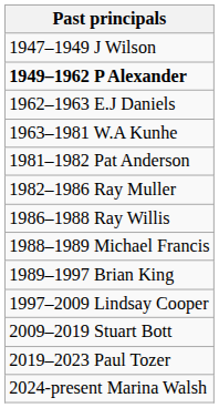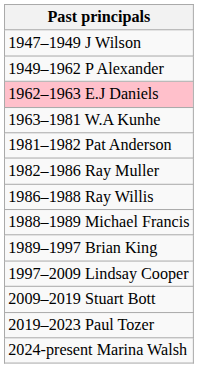 <table class="wikitable">
 <tr>
 <th>Past principals</th>
 </tr>
 <tr>
 <td>1947–1949 J Wilson</td>
 </tr>
 <tr>
-<td><strong>1949–1962 P Alexander</strong></td>
+<td>1949–1962 P Alexander</td>
 </tr>
 <tr>
-<td>1962–1963 E.J Daniels</td>
+<td style="background: pink;">1962–1963 E.J Daniels</td>
 </tr>
 <tr>
 <td>1963–1981 W.A Kunhe</td>
 </tr>
 <tr>
 <td>1981–1982 Pat Anderson</td>
 </tr>
 <tr>
 <td>1982–1986  Ray Muller</td>
 </tr>
 <tr>
 <td>1986–1988 Ray Willis</td>
 </tr>
 <tr>
 <td>1988–1989 Michael Francis</td>
 </tr>
 <tr>
 <td>1989–1997 Brian King</td>
 </tr>
 <tr>
 <td>1997–2009 Lindsay Cooper</td>
 </tr>
 <tr>
 <td>2009–2019 Stuart Bott</td>
 </tr>
 <tr>
 <td>2019–2023 Paul Tozer</td>
 </tr>
 <tr>
 <td>2024-present Marina Walsh</td>
 </tr>
 </table>
